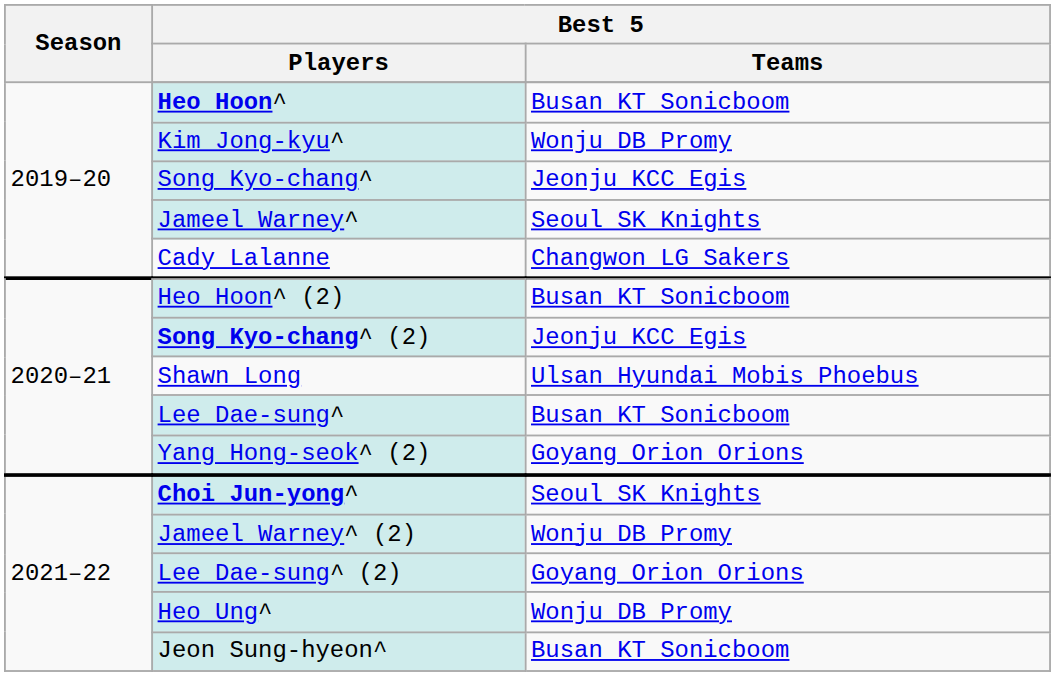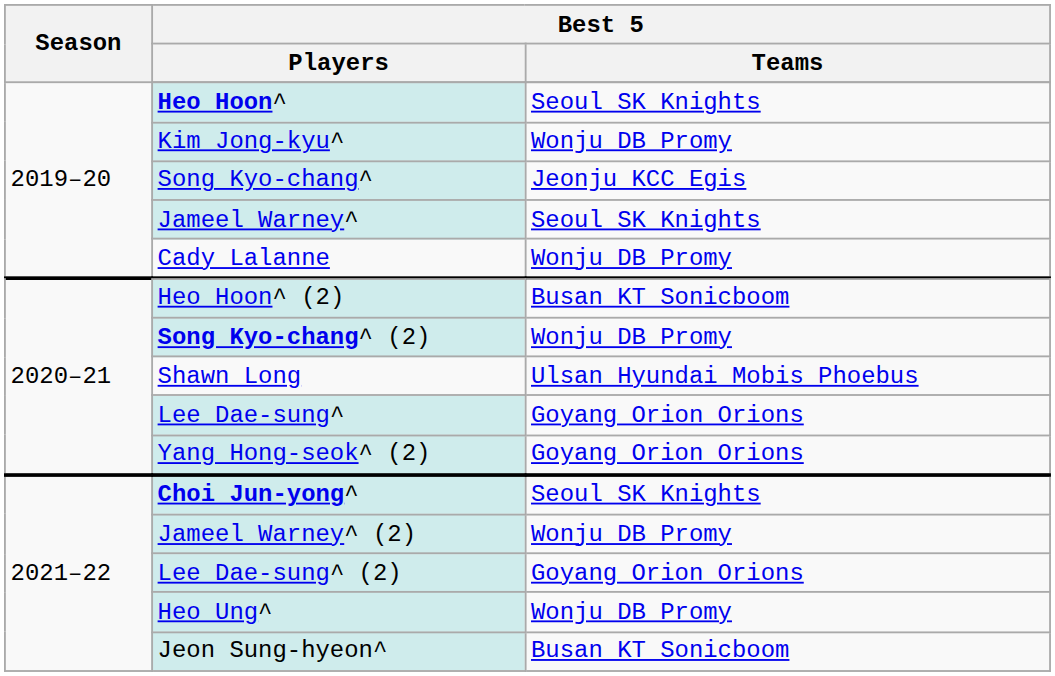 <table class="wikitable sortable" style="width:45%">
 <tr>
 <th rowspan="2">Season</th>
 <th colspan="2" class=unsortable>Best 5</th>
 </tr>
 <tr>
 <th class=unsortable>Players</th>
 <th class=unsortable>Teams</th>
 </tr>
 <tr>
 <td rowspan="6">2019–20</td>
 </tr>
 <tr>
 <td style="background-color:#CFECEC;"><strong><a href='#'>Heo Hoon</a></strong>^</td>
-<td><a href='#'>Busan KT Sonicboom</a></td>
+<td><a href='#'>Seoul SK Knights</a></td>
 </tr>
 <tr>
 <td style="background-color:#CFECEC;"><a href='#'>Kim Jong-kyu</a>^</td>
 <td><a href='#'>Wonju DB Promy</a></td>
 </tr>
 <tr>
 <td style="background-color:#CFECEC;"><a href='#'>Song Kyo-chang</a>^</td>
 <td><a href='#'>Jeonju KCC Egis</a></td>
 </tr>
 <tr>
 <td style="background-color:#CFECEC;"> <a href='#'>Jameel Warney</a>^</td>
 <td><a href='#'>Seoul SK Knights</a></td>
 </tr>
 <tr>
 <td> <a href='#'>Cady Lalanne</a></td>
-<td><a href='#'>Changwon LG Sakers</a></td>
+<td><a href='#'>Wonju DB Promy</a></td>
 </tr>
 <tr style="border-top:2px solid black">
 <td rowspan="6">2020–21</td>
 </tr>
 <tr>
 <td style="background-color:#CFECEC;"><a href='#'>Heo Hoon</a>^ (2)</td>
 <td><a href='#'>Busan KT Sonicboom</a></td>
 </tr>
 <tr>
 <td style="background-color:#CFECEC;"><strong><a href='#'>Song Kyo-chang</a></strong>^ (2)</td>
-<td><a href='#'>Jeonju KCC Egis</a></td>
+<td><a href='#'>Wonju DB Promy</a></td>
 </tr>
 <tr>
 <td> <a href='#'>Shawn Long</a></td>
 <td><a href='#'>Ulsan Hyundai Mobis Phoebus</a></td>
 </tr>
 <tr>
 <td style="background-color:#CFECEC;"><a href='#'>Lee Dae-sung</a>^</td>
-<td><a href='#'>Busan KT Sonicboom</a></td>
+<td><a href='#'>Goyang Orion Orions</a></td>
 </tr>
 <tr>
 <td style="background-color:#CFECEC;"><a href='#'>Yang Hong-seok</a>^ (2)</td>
 <td><a href='#'>Goyang Orion Orions</a></td>
 </tr>
 <tr style="border-top:2px solid black">
 <td rowspan="6">2021–22</td>
 <td style="background-color:#CFECEC;"><strong><a href='#'>Choi Jun-yong</a></strong>^</td>
 <td><a href='#'>Seoul SK Knights</a></td>
 </tr>
 <tr>
 <td style="background-color:#CFECEC;"> <a href='#'>Jameel Warney</a>^ (2)</td>
 <td><a href='#'>Wonju DB Promy</a></td>
 </tr>
 <tr>
 <td style="background-color:#CFECEC;"><a href='#'>Lee Dae-sung</a>^ (2)</td>
 <td><a href='#'>Goyang Orion Orions</a></td>
 </tr>
 <tr>
 <td style="background-color:#CFECEC;"><a href='#'>Heo Ung</a>^</td>
 <td><a href='#'>Wonju DB Promy</a></td>
 </tr>
 <tr>
 <td style="background-color:#CFECEC;">Jeon Sung-hyeon^</td>
 <td><a href='#'>Busan KT Sonicboom</a></td>
 </tr>
 </table>
